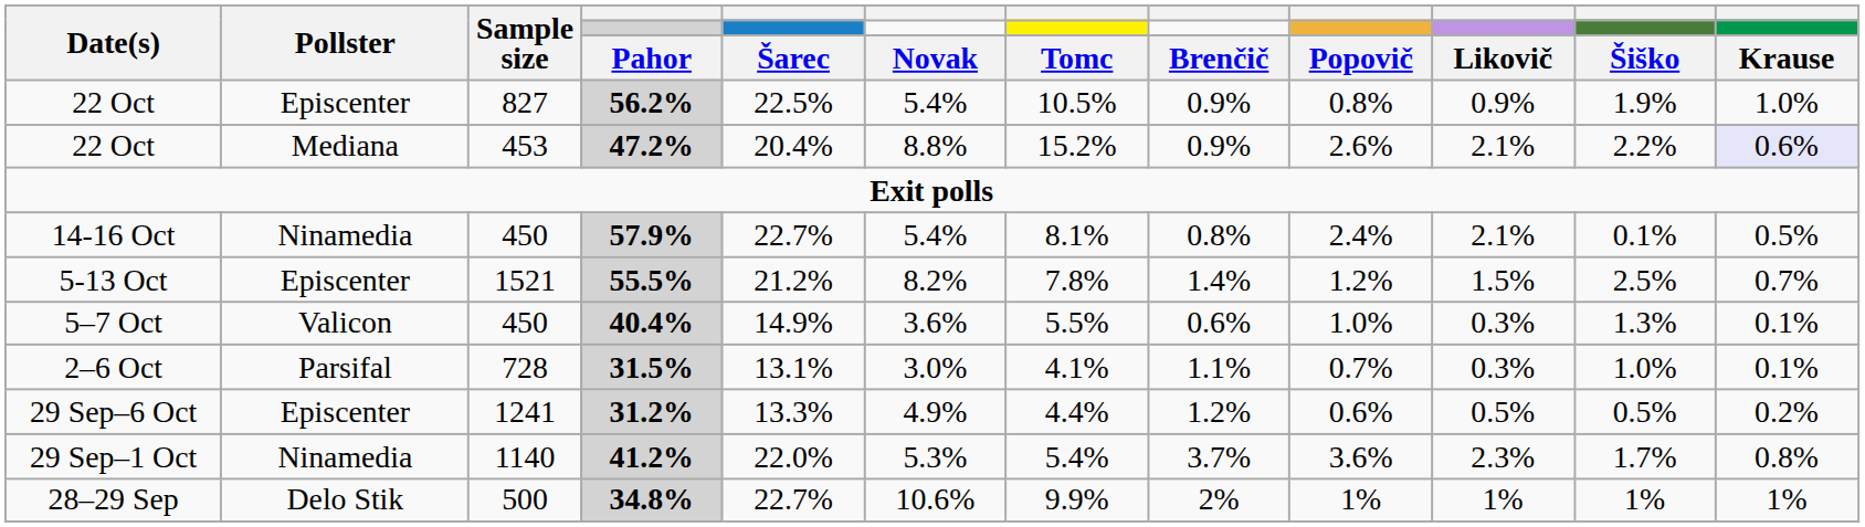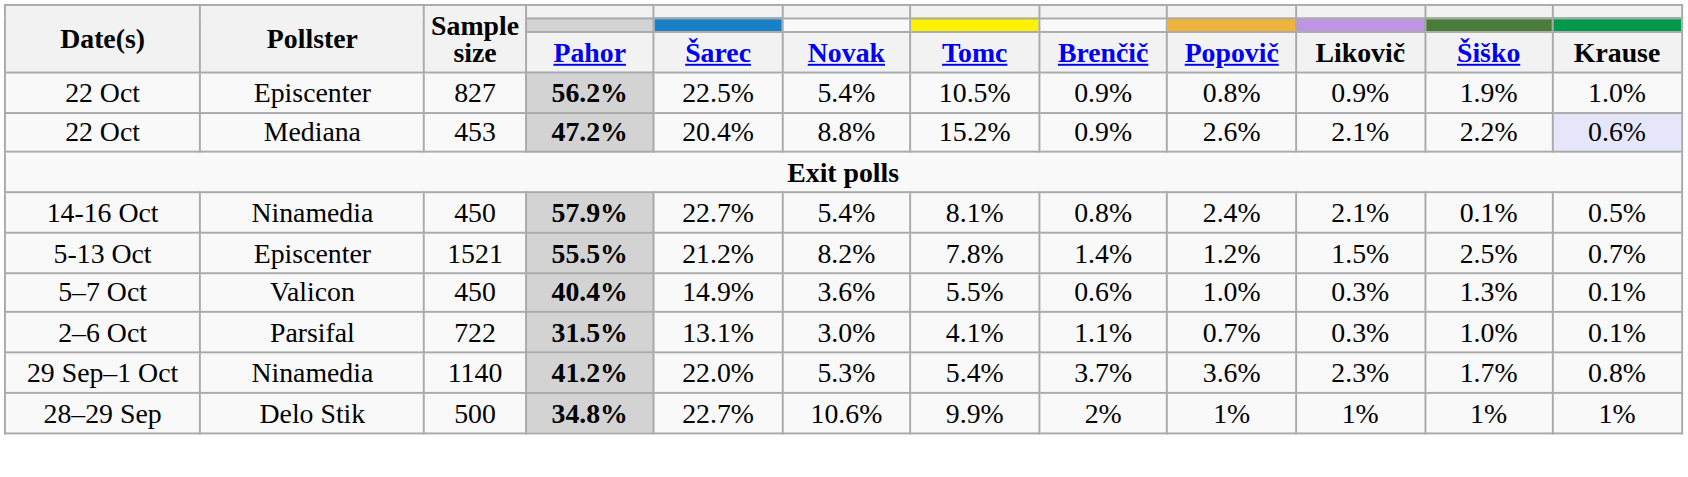 <table class="wikitable" style="text-align:center; font-size:90%; line-height:14px;">
 <tr>
 <th rowspan="3" style="width:95px;">Date(s)</th>
 <th rowspan="3" style="width:110px;">Pollster</th>
 <th rowspan="3" style="width:35px;">Sample<br>size</th>
 <th style="width:60px;"></th>
 <th style="width:60px;"></th>
 <th style="width:60px;"></th>
 <th style="width:60px;"></th>
 <th style="width:60px;"></th>
 <th style="width:60px;"></th>
 <th style="width:60px;"></th>
 <th style="width:60px;"></th>
 <th style="width:60px;"></th>
 </tr>
 <tr>
 <td style="background:#D3D3D3;"></td>
 <td style="background:#1980C7;"></td>
 <td style="background:"></td>
 <td style="background:#FEF200;"></td>
 <td style="background:"></td>
 <td style="background:#EFB33B;"></td>
 <td style="background:#BF94E4;"></td>
 <td style="background:#497B39;"></td>
 <td style="background:#00984A;"></td>
 </tr>
 <tr>
 <th><a href='#'>Pahor</a><br></th>
 <th><a href='#'>Šarec</a><br></th>
 <th><a href='#'>Novak</a><br></th>
 <th><a href='#'>Tomc</a><br></th>
 <th><a href='#'>Brenčič</a><br></th>
 <th><a href='#'>Popovič</a><br></th>
 <th>Likovič<br></th>
 <th><a href='#'>Šiško</a><br></th>
 <th>Krause<br></th>
 </tr>
 <tr>
 <td>22 Oct</td>
 <td>Episcenter</td>
 <td>827</td>
 <td style="background:#D3D3D3"><strong>56.2%</strong></td>
 <td>22.5%</td>
 <td>5.4%</td>
 <td>10.5%</td>
 <td>0.9%</td>
 <td>0.8%</td>
 <td>0.9%</td>
 <td>1.9%</td>
 <td>1.0%</td>
 </tr>
 <tr>
 <td>22 Oct</td>
 <td>Mediana</td>
 <td>453</td>
 <td style="background:#D3D3D3"><strong>47.2%</strong></td>
 <td>20.4%</td>
 <td>8.8%</td>
 <td>15.2%</td>
 <td>0.9%</td>
 <td>2.6%</td>
 <td>2.1%</td>
 <td>2.2%</td>
 <td style="background: lavender;">0.6%</td>
 </tr>
 <tr>
 <td colspan="12"><strong>Exit polls</strong></td>
 </tr>
 <tr>
 <td>14-16 Oct</td>
 <td>Ninamedia</td>
 <td>450</td>
 <td style="background:#D3D3D3"><strong>57.9%</strong></td>
 <td>22.7%</td>
 <td>5.4%</td>
 <td>8.1%</td>
 <td>0.8%</td>
 <td>2.4%</td>
 <td>2.1%</td>
 <td>0.1%</td>
 <td>0.5%</td>
 </tr>
 <tr>
 <td>5-13 Oct</td>
 <td>Episcenter</td>
 <td>1521</td>
 <td style="background:#D3D3D3"><strong>55.5%</strong></td>
 <td>21.2%</td>
 <td>8.2%</td>
 <td>7.8%</td>
 <td>1.4%</td>
 <td>1.2%</td>
 <td>1.5%</td>
 <td>2.5%</td>
 <td>0.7%</td>
 </tr>
 <tr>
 <td>5–7 Oct</td>
 <td>Valicon</td>
 <td>450</td>
 <td style="background:#D3D3D3"><strong>40.4%</strong></td>
 <td>14.9%</td>
 <td>3.6%</td>
 <td>5.5%</td>
 <td>0.6%</td>
 <td>1.0%</td>
 <td>0.3%</td>
 <td>1.3%</td>
 <td>0.1%</td>
 </tr>
 <tr>
 <td>2–6 Oct</td>
 <td>Parsifal</td>
-<td>728</td>
+<td>722</td>
 <td style="background:#D3D3D3"><strong>31.5%</strong></td>
 <td>13.1%</td>
 <td>3.0%</td>
 <td>4.1%</td>
 <td>1.1%</td>
 <td>0.7%</td>
 <td>0.3%</td>
 <td>1.0%</td>
 <td>0.1%</td>
-</tr>
-<tr>
-<td>29 Sep–6 Oct</td>
-<td>Episcenter</td>
-<td>1241</td>
-<td style="background:#D3D3D3"><strong>31.2%</strong></td>
-<td>13.3%</td>
-<td>4.9%</td>
-<td>4.4%</td>
-<td>1.2%</td>
-<td>0.6%</td>
-<td>0.5%</td>
-<td>0.5%</td>
-<td>0.2%</td>
 </tr>
 <tr>
 <td>29 Sep–1 Oct</td>
 <td>Ninamedia</td>
 <td>1140</td>
 <td style="background:#D3D3D3"><strong>41.2%</strong></td>
 <td>22.0%</td>
 <td>5.3%</td>
 <td>5.4%</td>
 <td>3.7%</td>
 <td>3.6%</td>
 <td>2.3%</td>
 <td>1.7%</td>
 <td>0.8%</td>
 </tr>
 <tr>
 <td>28–29 Sep</td>
 <td>Delo Stik</td>
 <td>500</td>
 <td style="background:#D3D3D3"><strong>34.8%</strong></td>
 <td>22.7%</td>
 <td>10.6%</td>
 <td>9.9%</td>
 <td>2%</td>
 <td>1%</td>
 <td>1%</td>
 <td>1%</td>
 <td>1%</td>
 </tr>
 </table>
